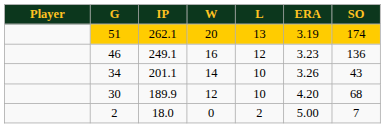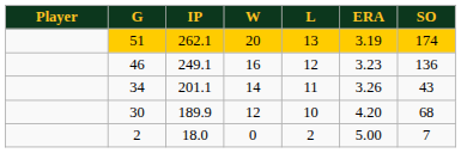 <table class="wikitable sortable">
 <tr>
 <th style="background:#0C371D;color:#ffc322;" width="16%">Player</th>
 <th style="background:#0C371D;color:#ffc322;" width="9%">G</th>
 <th style="background:#0C371D;color:#ffc322;" width="9%">IP</th>
 <th style="background:#0C371D;color:#ffc322;" width="9%">W</th>
 <th style="background:#0C371D;color:#ffc322;" width="9%">L</th>
 <th style="background:#0C371D;color:#ffc322;" width="9%">ERA</th>
 <th style="background:#0C371D;color:#ffc322;" width="9%">SO</th>
 </tr>
 <tr align="center">
 <td></td>
 <td style="background:#fc0;">51</td>
 <td style="background:#fc0;">262.1</td>
 <td style="background:#fc0;">20</td>
 <td style="background:#fc0;">13</td>
 <td style="background:#fc0;">3.19</td>
 <td style="background:#fc0;">174</td>
 </tr>
 <tr align="center">
 <td></td>
 <td>46</td>
 <td>249.1</td>
 <td>16</td>
 <td>12</td>
 <td>3.23</td>
 <td>136</td>
 </tr>
 <tr align="center">
 <td></td>
 <td>34</td>
 <td>201.1</td>
 <td>14</td>
-<td>10</td>
+<td>11</td>
 <td>3.26</td>
 <td>43</td>
 </tr>
 <tr align="center">
 <td></td>
 <td>30</td>
 <td>189.9</td>
 <td>12</td>
 <td>10</td>
 <td>4.20</td>
 <td>68</td>
 </tr>
 <tr align="center">
 <td></td>
 <td>2</td>
 <td>18.0</td>
 <td>0</td>
 <td>2</td>
 <td>5.00</td>
 <td>7</td>
 </tr>
 </table>
